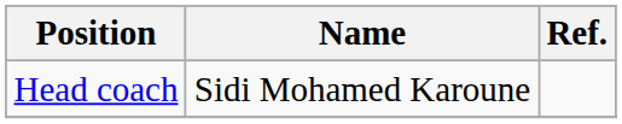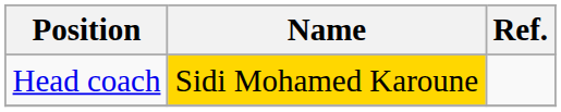 <table class="wikitable">
 <tr>
 <th>Position</th>
 <th>Name</th>
 <th>Ref.</th>
 </tr>
 <tr>
 <td><a href='#'>Head coach</a></td>
-<td> Sidi Mohamed Karoune</td>
+<td style="background: gold;"> Sidi Mohamed Karoune</td>
 <td></td>
 </tr>
 <tr>
 </tr>
 </table>
